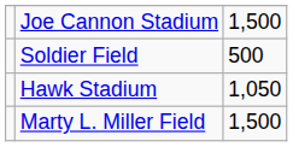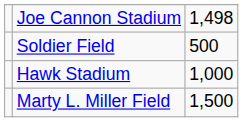 <table class="wikitable sortable">
 <tr>
 </tr>
 <tr>
 <td style="text-align:center; "><a href='#'></a></td>
 <td><a href='#'>Joe Cannon Stadium</a></td>
-<td>1,500</td>
+<td>1,498</td>
 </tr>
 <tr>
 <td style="text-align:center; "><a href='#'></a></td>
 <td><a href='#'>Soldier Field</a></td>
 <td>500</td>
 </tr>
 <tr>
 <td style="text-align:center; "><a href='#'></a></td>
 <td><a href='#'>Hawk Stadium</a></td>
-<td>1,050</td>
+<td>1,000</td>
 </tr>
 <tr>
 <td style="text-align:center; "><a href='#'></a></td>
 <td><a href='#'>Marty L. Miller Field</a></td>
 <td>1,500</td>
 </tr>
 </table>
